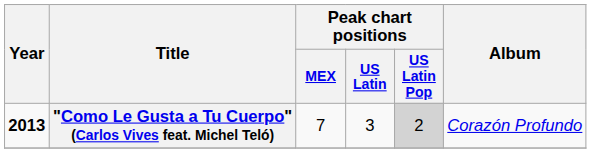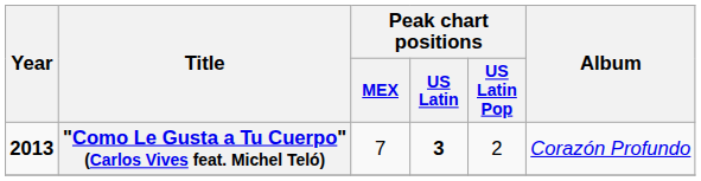 <table class="wikitable plainrowheaders" style="text-align:center;">
 <tr>
 <th scope="col" rowspan="2">Year</th>
 <th scope="col" rowspan="2">Title</th>
 <th scope="col" colspan="3">Peak chart positions</th>
 <th scope="col" rowspan="2">Album</th>
 </tr>
 <tr>
 <th scope="col" style="width:3em;font-size:85%;"><a href='#'>MEX</a></th>
 <th scope="col" style="width:3em;font-size:85%;"><a href='#'>US <br>Latin</a></th>
 <th scope="col" style="width:3em;font-size:85%;"><a href='#'>US <br>Latin Pop</a></th>
 </tr>
 <tr>
 <td rowspan=1><strong>2013</strong></td>
 <th scope="row">"<a href='#'>Como Le Gusta a Tu Cuerpo</a>" <br><small>(<a href='#'>Carlos Vives</a> feat. Michel Teló)</small></th>
 <td>7</td>
-<td>3</td>
-<td style="background: lightgrey;">2</td>
+<td><strong>3</strong></td>
+<td>2</td>
 <td rowspan="1"><em><a href='#'>Corazón Profundo</a></em></td>
 </tr>
 <tr>
 </tr>
 </table>
